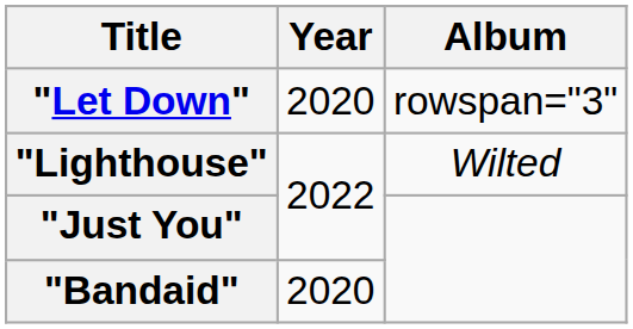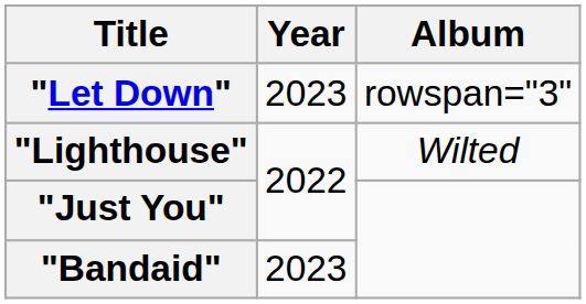 <table class="wikitable plainrowheaders" style="text-align:center;">
 <tr>
 <th scope="col">Title</th>
 <th scope="col">Year</th>
 <th scope="col">Album</th>
 </tr>
 <tr>
 <th scope="row">"<a href='#'>Let Down</a>"</th>
-<td>2020</td>
+<td>2023</td>
 <td>rowspan="3" </td>
 </tr>
 <tr>
 <th scope="row">"Lighthouse"</th>
 <td rowspan=2>2022</td>
 <td><em>Wilted</em></td>
 </tr>
 <tr>
 <th scope="row">"Just You"</th>
 </tr>
 <tr>
 <th scope="row">"Bandaid"</th>
-<td>2020</td>
+<td>2023</td>
 </tr>
 </table>
